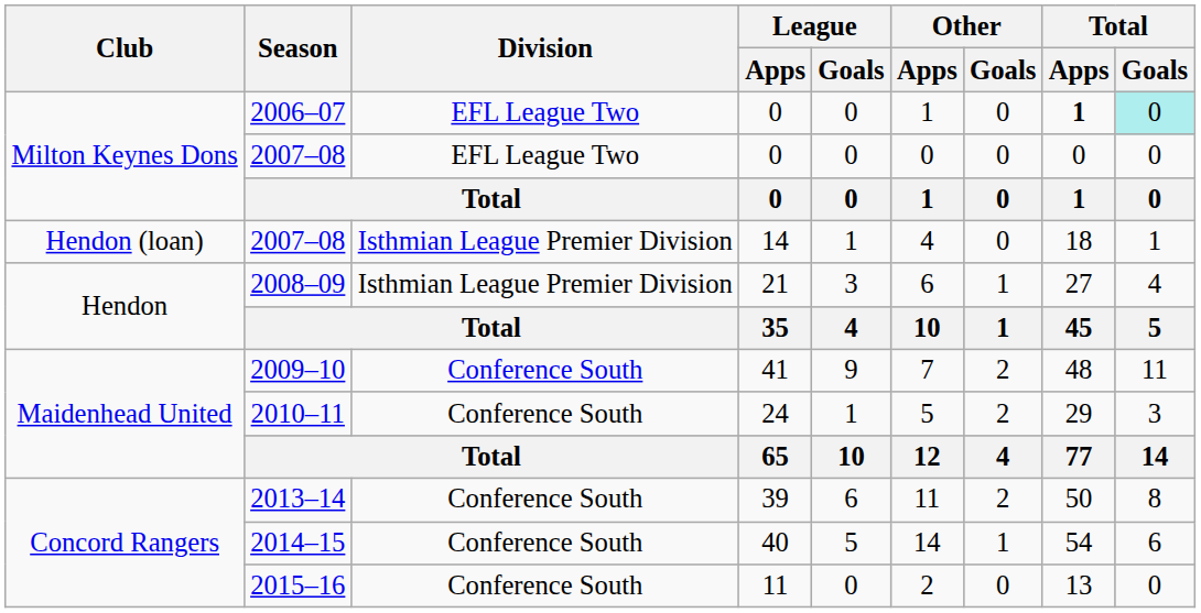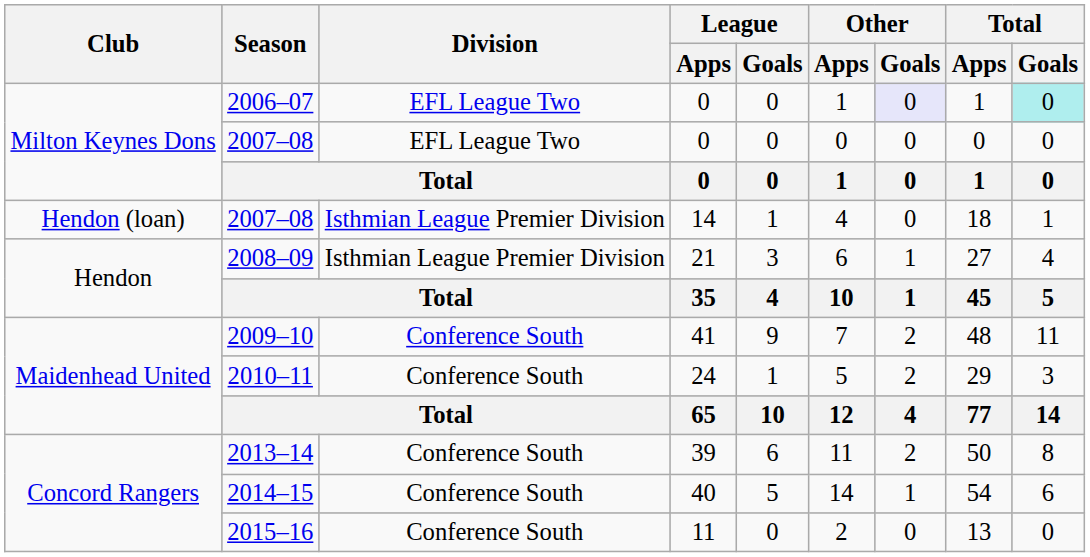 <table class="wikitable" style="text-align:center;">
 <tr>
 <th rowspan="2">Club</th>
 <th rowspan="2">Season</th>
 <th rowspan="2">Division</th>
 <th colspan="2">League</th>
 <th colspan="2">Other</th>
 <th colspan="2">Total</th>
 </tr>
 <tr>
 <th>Apps</th>
 <th>Goals</th>
 <th>Apps</th>
 <th>Goals</th>
 <th>Apps</th>
 <th>Goals</th>
 </tr>
 <tr>
 <td rowspan="3"><a href='#'>Milton Keynes Dons</a></td>
 <td><a href='#'>2006–07</a></td>
 <td><a href='#'>EFL League Two</a></td>
 <td>0</td>
 <td>0</td>
 <td>1</td>
-<td>0</td>
-<td><strong>1</strong></td>
+<td style="background: lavender;">0</td>
+<td>1</td>
 <td style="background: paleturquoise;">0</td>
 </tr>
 <tr>
 <td><a href='#'>2007–08</a></td>
 <td>EFL League Two</td>
 <td>0</td>
 <td>0</td>
 <td>0</td>
 <td>0</td>
 <td>0</td>
 <td>0</td>
 </tr>
 <tr>
 <th colspan="2">Total</th>
 <th>0</th>
 <th>0</th>
 <th>1</th>
 <th>0</th>
 <th>1</th>
 <th>0</th>
 </tr>
 <tr>
 <td><a href='#'>Hendon</a> (loan)</td>
 <td><a href='#'>2007–08</a></td>
 <td><a href='#'>Isthmian League</a> Premier Division</td>
 <td>14</td>
 <td>1</td>
 <td>4</td>
 <td>0</td>
 <td>18</td>
 <td>1</td>
 </tr>
 <tr>
 <td rowspan="2">Hendon</td>
 <td><a href='#'>2008–09</a></td>
 <td>Isthmian League Premier Division</td>
 <td>21</td>
 <td>3</td>
 <td>6</td>
 <td>1</td>
 <td>27</td>
 <td>4</td>
 </tr>
 <tr>
 <th colspan="2">Total</th>
 <th>35</th>
 <th>4</th>
 <th>10</th>
 <th>1</th>
 <th>45</th>
 <th>5</th>
 </tr>
 <tr>
 <td rowspan="3"><a href='#'>Maidenhead United</a></td>
 <td><a href='#'>2009–10</a></td>
 <td><a href='#'>Conference South</a></td>
 <td>41</td>
 <td>9</td>
 <td>7</td>
 <td>2</td>
 <td>48</td>
 <td>11</td>
 </tr>
 <tr>
 <td><a href='#'>2010–11</a></td>
 <td>Conference South</td>
 <td>24</td>
 <td>1</td>
 <td>5</td>
 <td>2</td>
 <td>29</td>
 <td>3</td>
 </tr>
 <tr>
 <th colspan="2">Total</th>
 <th>65</th>
 <th>10</th>
 <th>12</th>
 <th>4</th>
 <th>77</th>
 <th>14</th>
 </tr>
 <tr>
 <td rowspan="3"><a href='#'>Concord Rangers</a></td>
 <td><a href='#'>2013–14</a></td>
 <td>Conference South</td>
 <td>39</td>
 <td>6</td>
 <td>11</td>
 <td>2</td>
 <td>50</td>
 <td>8</td>
 </tr>
 <tr>
 <td><a href='#'>2014–15</a></td>
 <td>Conference South</td>
 <td>40</td>
 <td>5</td>
 <td>14</td>
 <td>1</td>
 <td>54</td>
 <td>6</td>
 </tr>
 <tr>
 <td><a href='#'>2015–16</a></td>
 <td>Conference South</td>
 <td>11</td>
 <td>0</td>
 <td>2</td>
 <td>0</td>
 <td>13</td>
 <td>0</td>
 </tr>
 </table>
